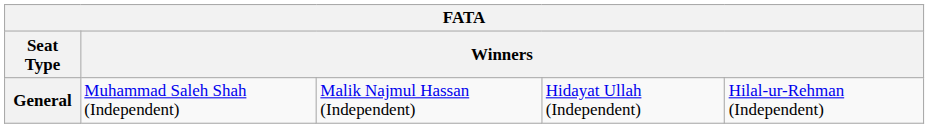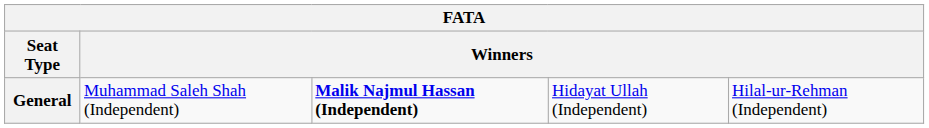 <table class="wikitable">
 <tr>
 <th colspan="5">FATA</th>
 </tr>
 <tr>
 <th>Seat Type</th>
 <th colspan="4">Winners</th>
 </tr>
 <tr>
 <th>General</th>
 <td style="background:"><a href='#'>Muhammad Saleh Shah</a> (Independent)</td>
-<td style="background:"><a href='#'>Malik Najmul Hassan</a> (Independent)</td>
+<td style="background:"><strong><a href='#'>Malik Najmul Hassan</a> (Independent)</strong></td>
 <td style="background:"><a href='#'>Hidayat Ullah</a> (Independent)</td>
 <td style="background:"><a href='#'>Hilal-ur-Rehman</a> (Independent)</td>
 </tr>
 </table>
